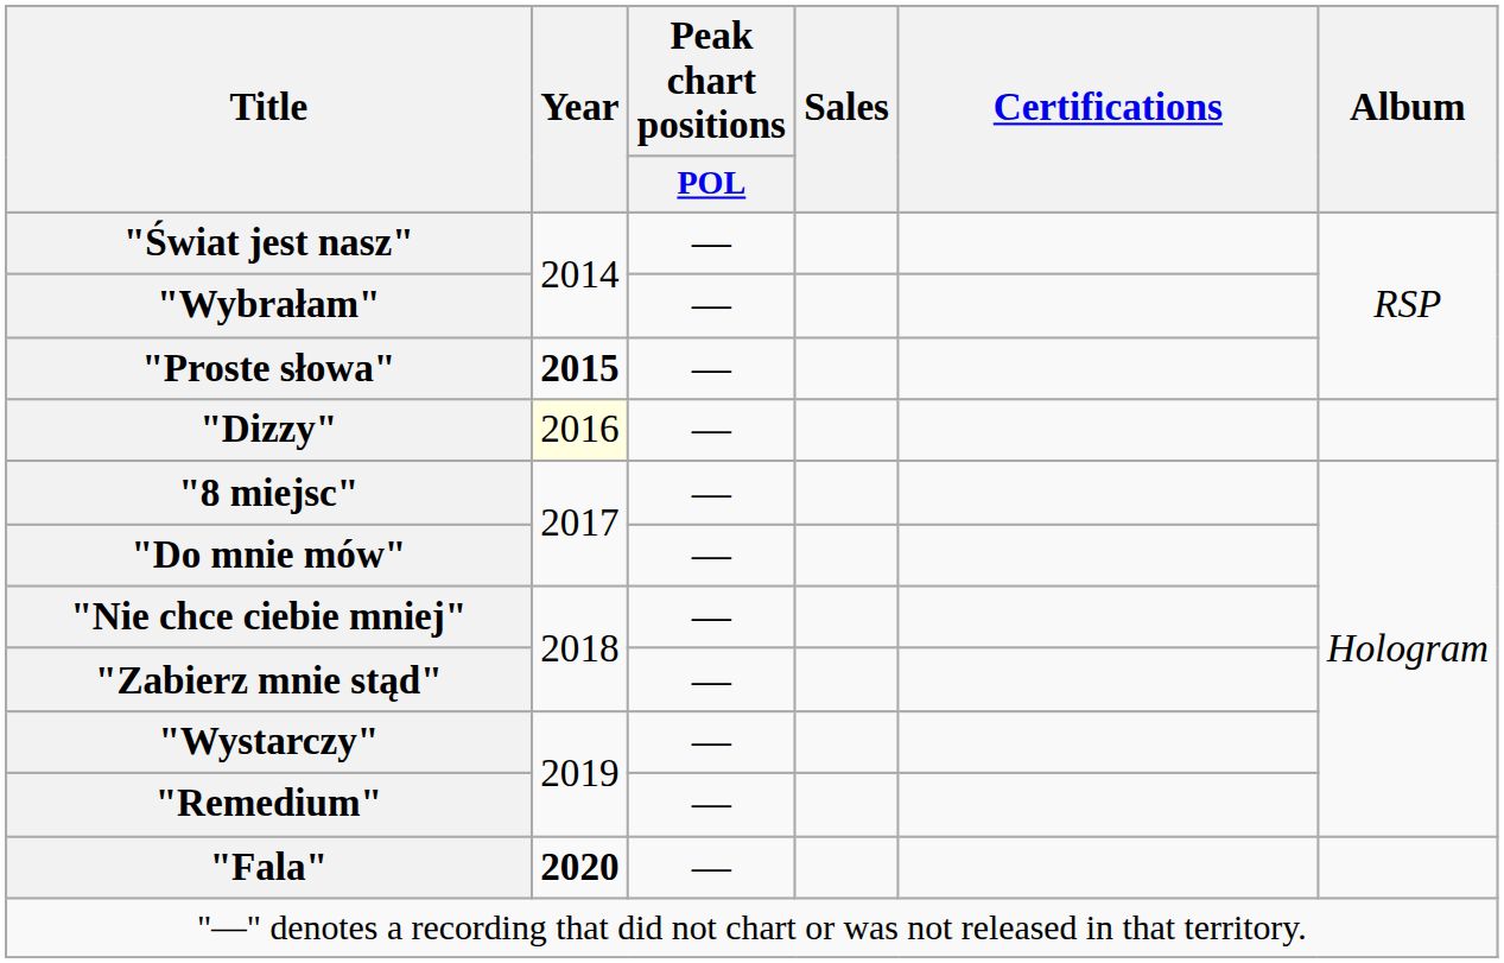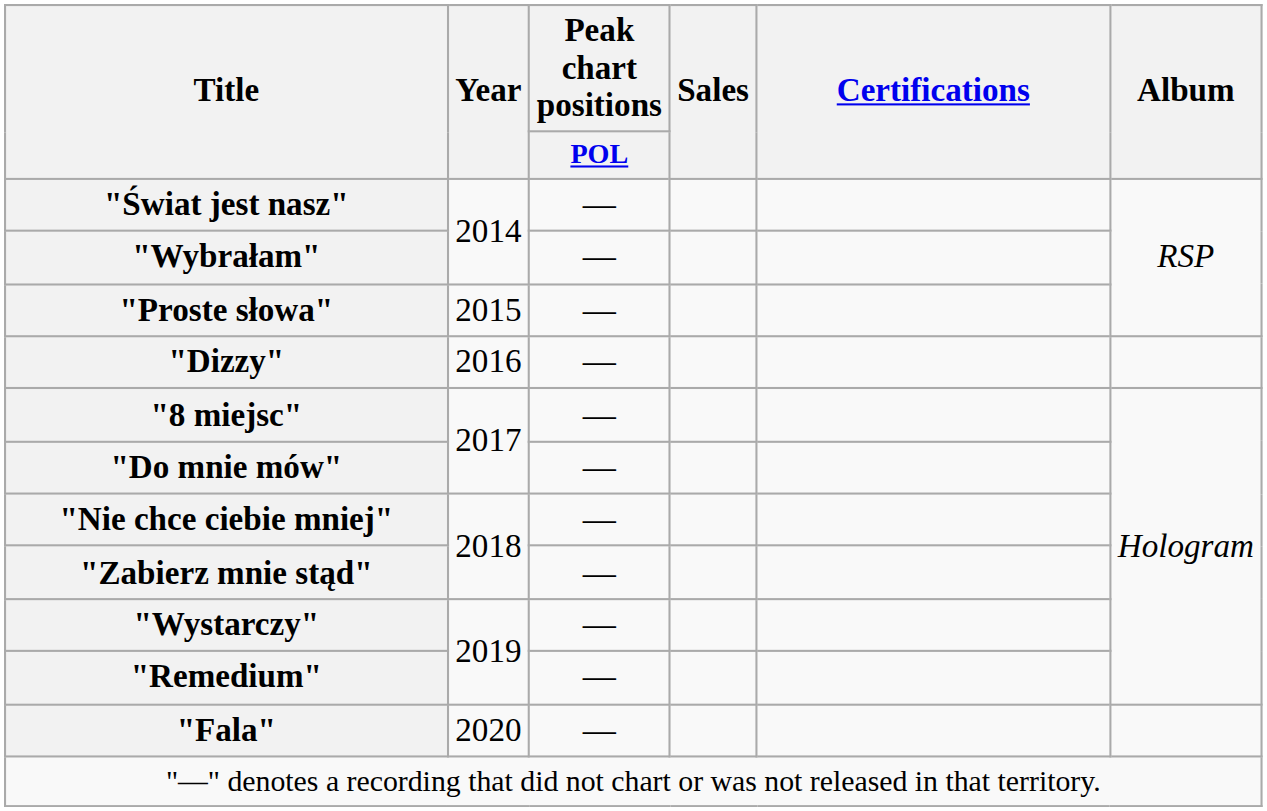 <table class="wikitable plainrowheaders" style="text-align:center;">
 <tr>
 <th scope="col" rowspan="2" style="width:15em;">Title</th>
 <th scope="col" rowspan="2" style="width:1em;">Year</th>
 <th>Peak chart positions</th>
 <th scope="col" rowspan="2">Sales</th>
 <th scope="col" rowspan="2" style="width:11.5em;"><a href='#'>Certifications</a></th>
 <th scope="col" rowspan="2">Album</th>
 </tr>
 <tr>
 <th scope="col" style="width:3em;font-size:85%;"><a href='#'>POL</a></th>
 </tr>
 <tr>
 <th scope="row">"Świat jest nasz"</th>
 <td rowspan="2">2014</td>
 <td>—</td>
 <td></td>
 <td></td>
 <td rowspan="3"><em>RSP</em></td>
 </tr>
 <tr>
 <th scope="row">"Wybrałam"</th>
 <td>—</td>
 <td></td>
 <td></td>
 </tr>
 <tr>
 <th scope="row">"Proste słowa"</th>
-<td><strong>2015</strong></td>
+<td>2015</td>
 <td>—</td>
 <td></td>
 </tr>
 <tr>
 <th scope="row">"Dizzy"</th>
-<td style="background: lightyellow;">2016</td>
+<td>2016</td>
 <td>—</td>
 <td></td>
 <td></td>
 <td></td>
 </tr>
 <tr>
 <th scope="row">"8 miejsc"</th>
 <td rowspan="2">2017</td>
 <td>—</td>
 <td></td>
 <td></td>
 <td rowspan="6"><em>Hologram</em></td>
 </tr>
 <tr>
 <th scope="row">"Do mnie mów"</th>
 <td>—</td>
 <td></td>
 <td></td>
 </tr>
 <tr>
 <th scope="row">"Nie chce ciebie mniej"</th>
 <td rowspan="2">2018</td>
 <td>—</td>
 <td></td>
 <td></td>
 </tr>
 <tr>
 <th scope="row">"Zabierz mnie stąd"</th>
 <td>—</td>
 <td></td>
 <td></td>
 </tr>
 <tr>
 <th scope="row">"Wystarczy"<br></th>
 <td rowspan="2">2019</td>
 <td>—</td>
 <td></td>
 <td></td>
 </tr>
 <tr>
 <th scope="row">"Remedium"</th>
 <td>—</td>
 <td></td>
 <td></td>
 </tr>
 <tr>
 <th scope="row">"Fala"</th>
-<td><strong>2020</strong></td>
+<td>2020</td>
 <td>—</td>
 <td></td>
 <td></td>
 <td></td>
 </tr>
 <tr>
 <td colspan="6" style="font-size:90%">"—" denotes a recording that did not chart or was not released in that territory.</td>
 </tr>
 </table>
